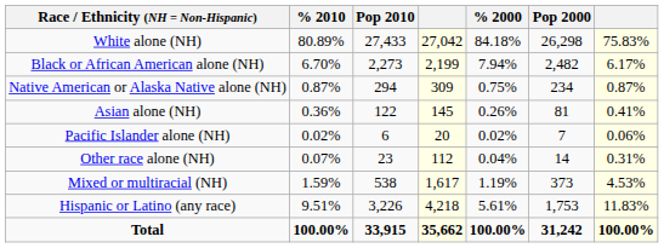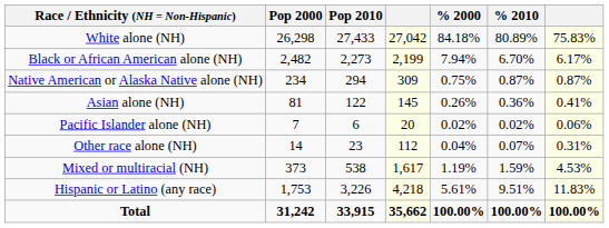 <table class="wikitable" style="text-align:center;">
 <tr>
 <th>Race / Ethnicity <small>(<em>NH = Non-Hispanic</em>)</small></th>
-<th>% 2010</th>
+<th>Pop 2000</th>
 <th>Pop 2010</th>
 <th></th>
 <th>% 2000</th>
-<th>Pop 2000</th>
+<th>% 2010</th>
 <th></th>
 </tr>
 <tr>
 <td><a href='#'>White</a> alone (NH)</td>
-<td>80.89%</td>
+<td>26,298</td>
 <td>27,433</td>
 <td style='background: #ffffe6;'>27,042</td>
 <td>84.18%</td>
-<td>26,298</td>
+<td>80.89%</td>
 <td style='background: #ffffe6;'>75.83%</td>
 </tr>
 <tr>
 <td><a href='#'>Black or African American</a> alone (NH)</td>
-<td>6.70%</td>
+<td>2,482</td>
 <td>2,273</td>
 <td style='background: #ffffe6;'>2,199</td>
 <td>7.94%</td>
-<td>2,482</td>
+<td>6.70%</td>
 <td style='background: #ffffe6;'>6.17%</td>
 </tr>
 <tr>
 <td><a href='#'>Native American</a> or <a href='#'>Alaska Native</a> alone (NH)</td>
-<td>0.87%</td>
+<td>234</td>
 <td>294</td>
 <td style='background: #ffffe6;'>309</td>
 <td>0.75%</td>
-<td>234</td>
+<td>0.87%</td>
 <td style='background: #ffffe6;'>0.87%</td>
 </tr>
 <tr>
 <td><a href='#'>Asian</a> alone (NH)</td>
-<td>0.36%</td>
+<td>81</td>
 <td>122</td>
 <td style='background: #ffffe6;'>145</td>
 <td>0.26%</td>
-<td>81</td>
+<td>0.36%</td>
 <td style='background: #ffffe6;'>0.41%</td>
 </tr>
 <tr>
 <td><a href='#'>Pacific Islander</a> alone (NH)</td>
-<td>0.02%</td>
+<td>7</td>
 <td>6</td>
 <td style='background: #ffffe6;'>20</td>
 <td>0.02%</td>
-<td>7</td>
+<td>0.02%</td>
 <td style='background: #ffffe6;'>0.06%</td>
 </tr>
 <tr>
 <td><a href='#'>Other race</a> alone (NH)</td>
-<td>0.07%</td>
+<td>14</td>
 <td>23</td>
 <td style='background: #ffffe6;'>112</td>
 <td>0.04%</td>
-<td>14</td>
+<td>0.07%</td>
 <td style='background: #ffffe6;'>0.31%</td>
 </tr>
 <tr>
 <td><a href='#'>Mixed or multiracial</a> (NH)</td>
-<td>1.59%</td>
+<td>373</td>
 <td>538</td>
 <td style='background: #ffffe6;'>1,617</td>
 <td>1.19%</td>
-<td>373</td>
+<td>1.59%</td>
 <td style='background: #ffffe6;'>4.53%</td>
 </tr>
 <tr>
 <td><a href='#'>Hispanic or Latino</a> (any race)</td>
-<td>9.51%</td>
+<td>1,753</td>
 <td>3,226</td>
 <td style='background: #ffffe6;'>4,218</td>
 <td>5.61%</td>
-<td>1,753</td>
+<td>9.51%</td>
 <td style='background: #ffffe6;'>11.83%</td>
 </tr>
 <tr>
 <td><strong>Total</strong></td>
-<td><strong>100.00%</strong></td>
+<td><strong>31,242</strong></td>
 <td><strong>33,915</strong></td>
 <td style='background: #ffffe6;'><strong>35,662</strong></td>
 <td><strong>100.00%</strong></td>
-<td><strong>31,242</strong></td>
+<td><strong>100.00%</strong></td>
 <td style='background: #ffffe6;'><strong>100.00%</strong></td>
 </tr>
 </table>
